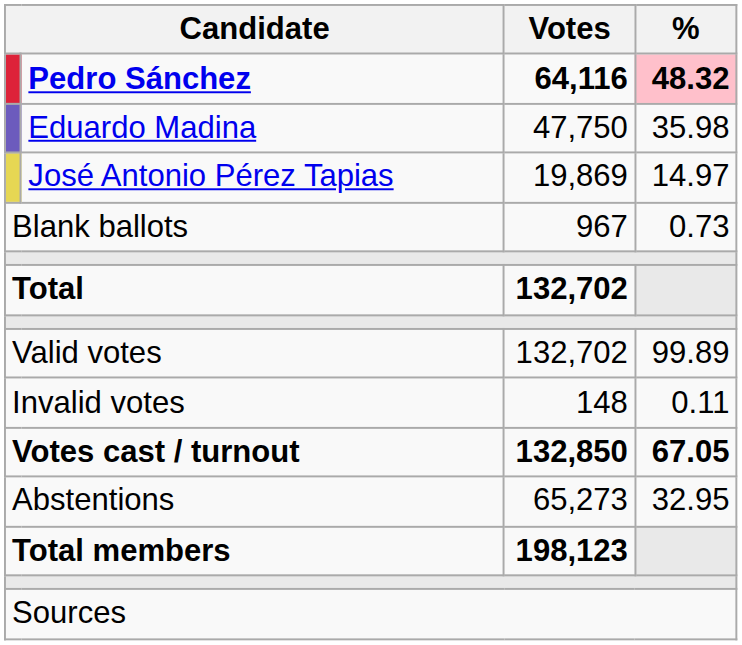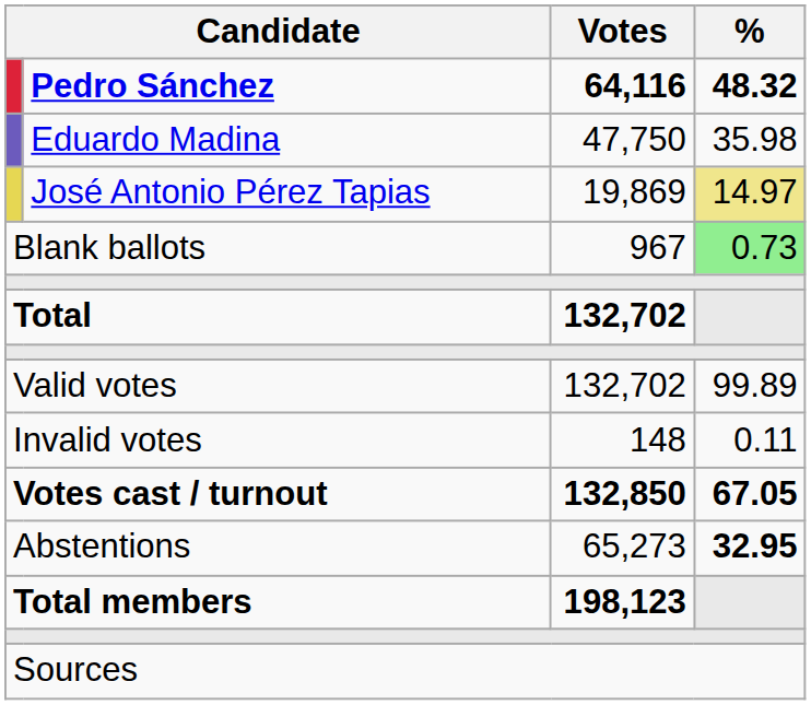 <table class="wikitable" style="text-align:right;">
 <tr>
 <th colspan="2" width="250">Candidate</th>
 <th width="60">Votes</th>
 <th width="45">%</th>
 </tr>
 <tr>
 <td width="1" style="color:inherit;background:#DD2239"></td>
 <td align="left"><strong><a href='#'>Pedro Sánchez</a></strong></td>
 <td><strong>64,116</strong></td>
-<td style="background: pink;"><strong>48.32</strong></td>
+<td><strong>48.32</strong></td>
 </tr>
 <tr>
 <td style="color:inherit;background:#6C5BBD"></td>
 <td align="left"><a href='#'>Eduardo Madina</a></td>
 <td>47,750</td>
 <td>35.98</td>
 </tr>
 <tr>
 <td style="color:inherit;background:#E6D753"></td>
 <td align="left"><a href='#'>José Antonio Pérez Tapias</a></td>
 <td>19,869</td>
-<td>14.97</td>
+<td style="background: khaki;">14.97</td>
 </tr>
 <tr>
 <td align="left" colspan="2">Blank ballots</td>
 <td>967</td>
-<td>0.73</td>
+<td style="background: lightgreen;">0.73</td>
 </tr>
 <tr>
 <td colspan="4" bgcolor="#E9E9E9"></td>
 </tr>
 <tr style="font-weight:bold;">
 <td align="left" colspan="2">Total</td>
 <td>132,702</td>
 <td bgcolor="#E9E9E9"></td>
 </tr>
 <tr>
 <td colspan="4" bgcolor="#E9E9E9"></td>
 </tr>
 <tr>
 <td align="left" colspan="2">Valid votes</td>
 <td>132,702</td>
 <td>99.89</td>
 </tr>
 <tr>
 <td align="left" colspan="2">Invalid votes</td>
 <td>148</td>
 <td>0.11</td>
 </tr>
 <tr style="font-weight:bold;">
 <td align="left" colspan="2">Votes cast / turnout</td>
 <td>132,850</td>
 <td>67.05</td>
 </tr>
 <tr>
 <td align="left" colspan="2">Abstentions</td>
 <td>65,273</td>
-<td>32.95</td>
+<td><strong>32.95</strong></td>
 </tr>
 <tr style="font-weight:bold;">
 <td align="left" colspan="2">Total members</td>
 <td>198,123</td>
 <td bgcolor="#E9E9E9"></td>
 </tr>
 <tr>
 <td colspan="4" bgcolor="#E9E9E9"></td>
 </tr>
 <tr>
 <td align="left" colspan="4">Sources</td>
 </tr>
 </table>
